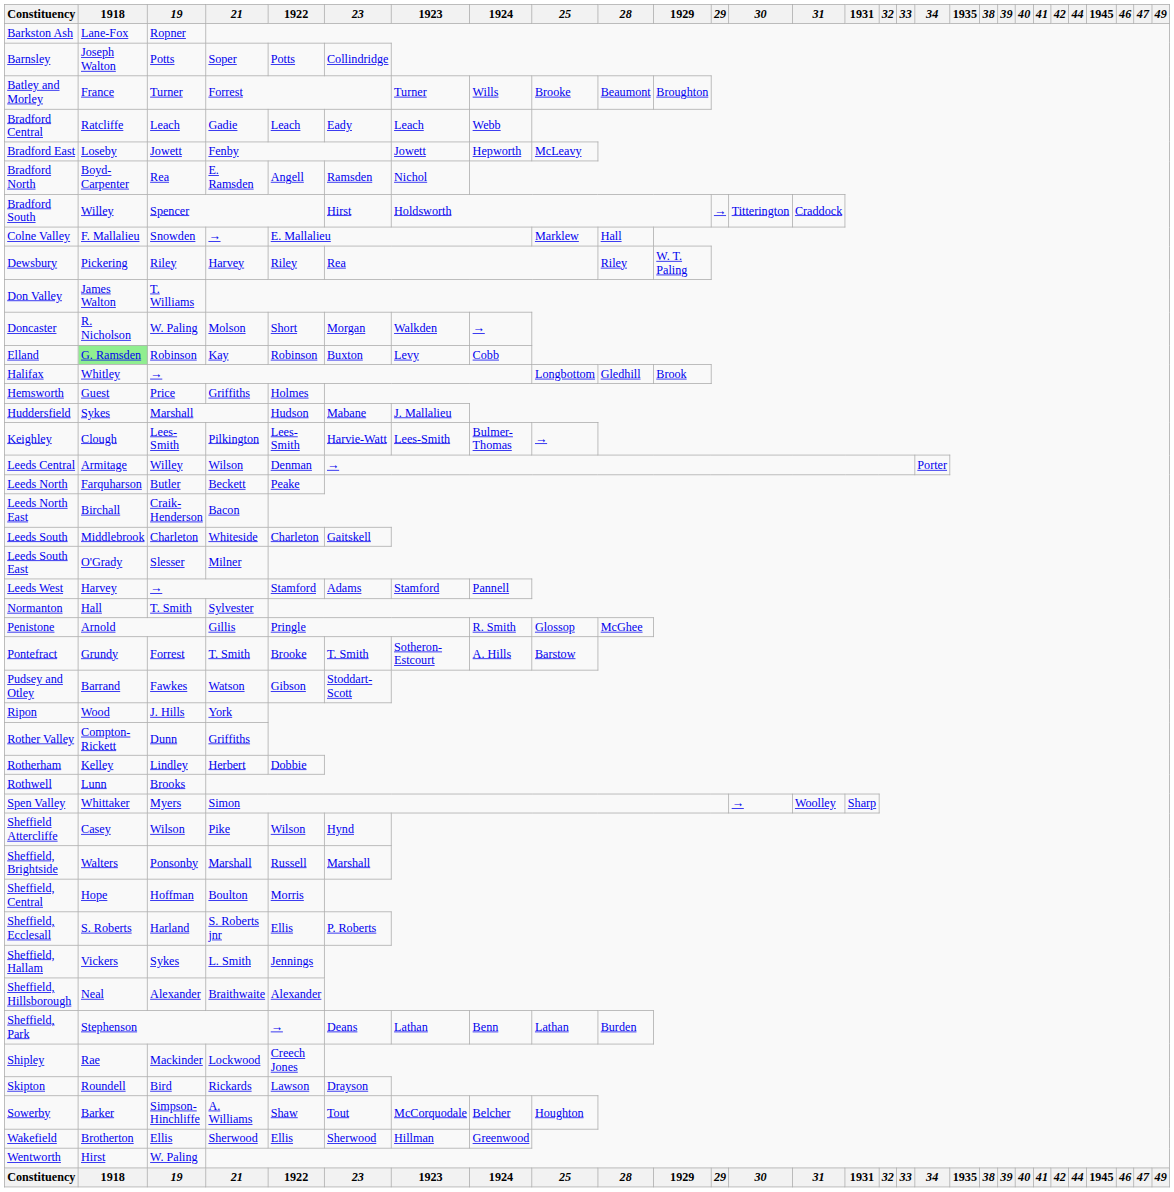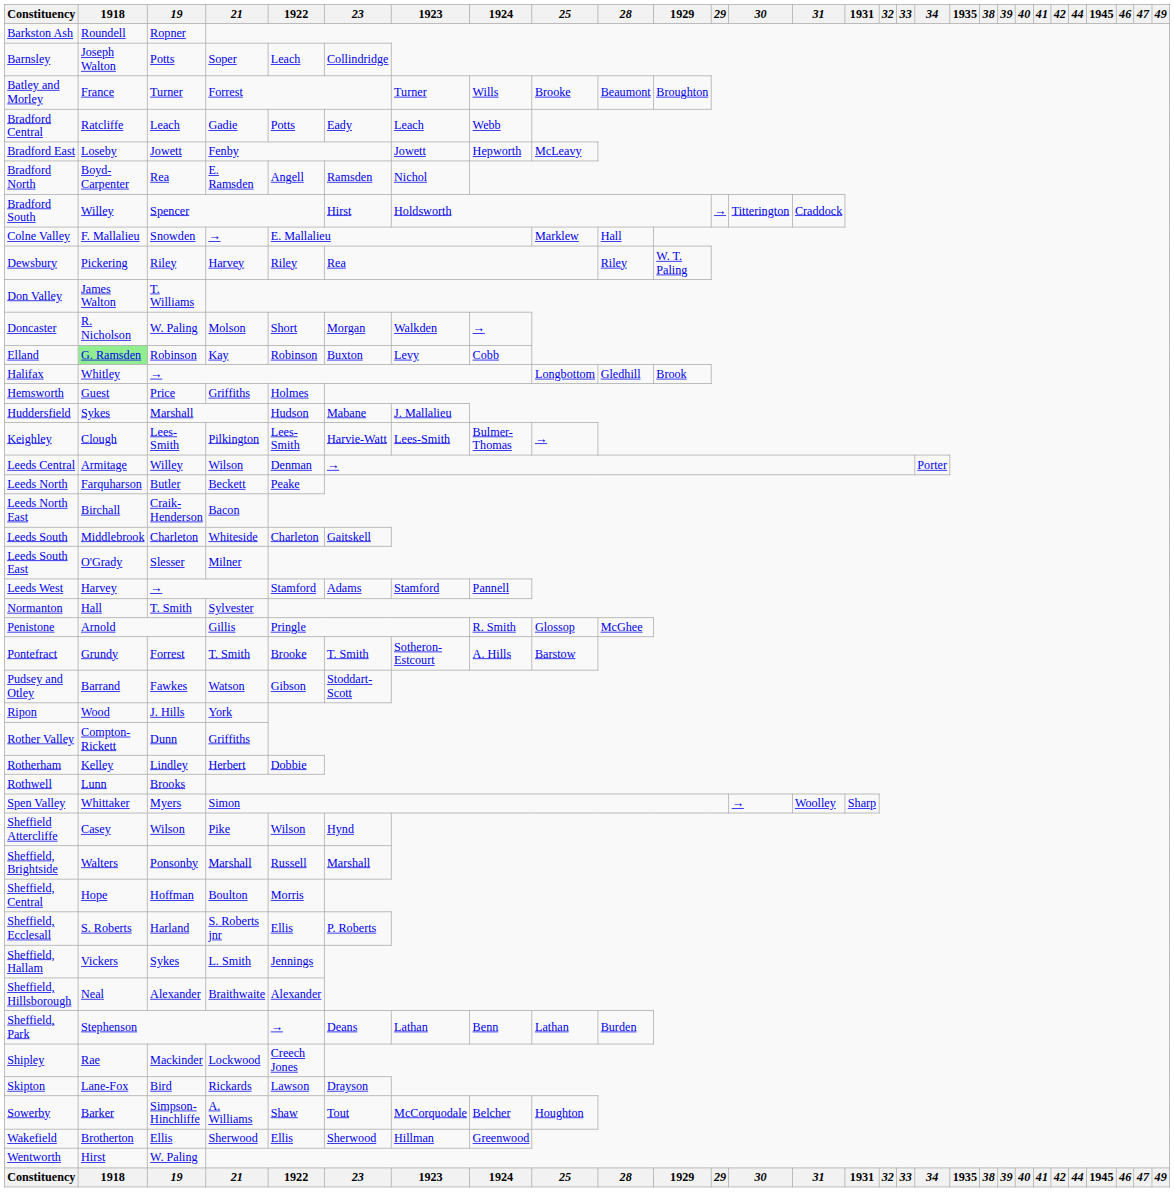 <table class="wikitable">
 <tr>
 <th>Constituency</th>
 <th>1918</th>
 <th><em>19</em></th>
 <th><em>21</em></th>
 <th>1922</th>
 <th><em>23</em></th>
 <th>1923</th>
 <th>1924</th>
 <th><em>25</em></th>
 <th><em>28</em></th>
 <th>1929</th>
 <th><em>29</em></th>
 <th><em>30</em></th>
 <th><em>31</em></th>
 <th>1931</th>
 <th><em>32</em></th>
 <th><em>33</em></th>
 <th><em>34</em></th>
 <th>1935</th>
 <th><em>38</em></th>
 <th><em>39</em></th>
 <th><em>40</em></th>
 <th><em>41</em></th>
 <th><em>42</em></th>
 <th><em>44</em></th>
 <th>1945</th>
 <th><em>46</em></th>
 <th><em>47</em></th>
 <th><em>49</em></th>
 </tr>
 <tr>
 <td><a href='#'>Barkston Ash</a></td>
-<td><a href='#'>Lane-Fox</a></td>
+<td><a href='#'>Roundell</a></td>
 <td><a href='#'>Ropner</a></td>
 </tr>
 <tr>
 <td><a href='#'>Barnsley</a></td>
 <td><a href='#'>Joseph Walton</a></td>
 <td><a href='#'>Potts</a></td>
 <td><a href='#'>Soper</a></td>
-<td><a href='#'>Potts</a></td>
+<td><a href='#'>Leach</a></td>
 <td><a href='#'>Collindridge</a></td>
 </tr>
 <tr>
 <td><a href='#'>Batley and Morley</a></td>
 <td><a href='#'>France</a></td>
 <td><a href='#'>Turner</a></td>
 <td colspan="3"><a href='#'>Forrest</a></td>
 <td><a href='#'>Turner</a></td>
 <td><a href='#'>Wills</a></td>
 <td><a href='#'>Brooke</a></td>
 <td><a href='#'>Beaumont</a></td>
 <td><a href='#'>Broughton</a></td>
 </tr>
 <tr>
 <td><a href='#'>Bradford Central</a></td>
 <td><a href='#'>Ratcliffe</a></td>
 <td><a href='#'>Leach</a></td>
 <td><a href='#'>Gadie</a></td>
-<td><a href='#'>Leach</a></td>
+<td><a href='#'>Potts</a></td>
 <td><a href='#'>Eady</a></td>
 <td><a href='#'>Leach</a></td>
 <td><a href='#'>Webb</a></td>
 </tr>
 <tr>
 <td><a href='#'>Bradford East</a></td>
 <td><a href='#'>Loseby</a></td>
 <td><a href='#'>Jowett</a></td>
 <td colspan="3"><a href='#'>Fenby</a></td>
 <td><a href='#'>Jowett</a></td>
 <td><a href='#'>Hepworth</a></td>
 <td><a href='#'>McLeavy</a></td>
 </tr>
 <tr>
 <td><a href='#'>Bradford North</a></td>
 <td><a href='#'>Boyd-Carpenter</a></td>
 <td><a href='#'>Rea</a></td>
 <td><a href='#'>E. Ramsden</a></td>
 <td><a href='#'>Angell</a></td>
 <td><a href='#'>Ramsden</a></td>
 <td><a href='#'>Nichol</a></td>
 </tr>
 <tr>
 <td><a href='#'>Bradford South</a></td>
 <td><a href='#'>Willey</a></td>
 <td colspan="3"><a href='#'>Spencer</a></td>
 <td><a href='#'>Hirst</a></td>
 <td colspan="5"><a href='#'>Holdsworth</a></td>
 <td><a href='#'>→</a></td>
 <td><a href='#'>Titterington</a></td>
 <td><a href='#'>Craddock</a></td>
 </tr>
 <tr>
 <td><a href='#'>Colne Valley</a></td>
 <td><a href='#'>F. Mallalieu</a></td>
 <td><a href='#'>Snowden</a></td>
 <td><a href='#'>→</a></td>
 <td colspan="4"><a href='#'>E. Mallalieu</a></td>
 <td><a href='#'>Marklew</a></td>
 <td><a href='#'>Hall</a></td>
 </tr>
 <tr>
 <td><a href='#'>Dewsbury</a></td>
 <td><a href='#'>Pickering</a></td>
 <td><a href='#'>Riley</a></td>
 <td><a href='#'>Harvey</a></td>
 <td><a href='#'>Riley</a></td>
 <td colspan="4"><a href='#'>Rea</a></td>
 <td><a href='#'>Riley</a></td>
 <td><a href='#'>W. T. Paling</a></td>
 </tr>
 <tr>
 <td><a href='#'>Don Valley</a></td>
 <td><a href='#'>James Walton</a></td>
 <td><a href='#'>T. Williams</a></td>
 </tr>
 <tr>
 <td><a href='#'>Doncaster</a></td>
 <td><a href='#'>R. Nicholson</a></td>
 <td><a href='#'>W. Paling</a></td>
 <td><a href='#'>Molson</a></td>
 <td><a href='#'>Short</a></td>
 <td><a href='#'>Morgan</a></td>
 <td><a href='#'>Walkden</a></td>
 <td><a href='#'>→</a></td>
 </tr>
 <tr>
 <td><a href='#'>Elland</a></td>
 <td style="background: lightgreen;"><a href='#'>G. Ramsden</a></td>
 <td><a href='#'>Robinson</a></td>
 <td><a href='#'>Kay</a></td>
 <td><a href='#'>Robinson</a></td>
 <td><a href='#'>Buxton</a></td>
 <td><a href='#'>Levy</a></td>
 <td><a href='#'>Cobb</a></td>
 </tr>
 <tr>
 <td><a href='#'>Halifax</a></td>
 <td><a href='#'>Whitley</a></td>
 <td colspan="6"><a href='#'>→</a></td>
 <td><a href='#'>Longbottom</a></td>
 <td><a href='#'>Gledhill</a></td>
 <td><a href='#'>Brook</a></td>
 </tr>
 <tr>
 <td><a href='#'>Hemsworth</a></td>
 <td><a href='#'>Guest</a></td>
 <td><a href='#'>Price</a></td>
 <td><a href='#'>Griffiths</a></td>
 <td><a href='#'>Holmes</a></td>
 </tr>
 <tr>
 <td><a href='#'>Huddersfield</a></td>
 <td><a href='#'>Sykes</a></td>
 <td colspan="2"><a href='#'>Marshall</a></td>
 <td><a href='#'>Hudson</a></td>
 <td><a href='#'>Mabane</a></td>
 <td><a href='#'>J. Mallalieu</a></td>
 </tr>
 <tr>
 <td><a href='#'>Keighley</a></td>
 <td><a href='#'>Clough</a></td>
 <td><a href='#'>Lees-Smith</a></td>
 <td><a href='#'>Pilkington</a></td>
 <td><a href='#'>Lees-Smith</a></td>
 <td><a href='#'>Harvie-Watt</a></td>
 <td><a href='#'>Lees-Smith</a></td>
 <td><a href='#'>Bulmer-Thomas</a></td>
 <td><a href='#'>→</a></td>
 </tr>
 <tr>
 <td><a href='#'>Leeds Central</a></td>
 <td><a href='#'>Armitage</a></td>
 <td><a href='#'>Willey</a></td>
 <td><a href='#'>Wilson</a></td>
 <td><a href='#'>Denman</a></td>
 <td colspan="12"><a href='#'>→</a></td>
 <td><a href='#'>Porter</a></td>
 </tr>
 <tr>
 <td><a href='#'>Leeds North</a></td>
 <td><a href='#'>Farquharson</a></td>
 <td><a href='#'>Butler</a></td>
 <td><a href='#'>Beckett</a></td>
 <td><a href='#'>Peake</a></td>
 </tr>
 <tr>
 <td><a href='#'>Leeds North East</a></td>
 <td><a href='#'>Birchall</a></td>
 <td><a href='#'>Craik-Henderson</a></td>
 <td><a href='#'>Bacon</a></td>
 </tr>
 <tr>
 <td><a href='#'>Leeds South</a></td>
 <td><a href='#'>Middlebrook</a></td>
 <td><a href='#'>Charleton</a></td>
 <td><a href='#'>Whiteside</a></td>
 <td><a href='#'>Charleton</a></td>
 <td><a href='#'>Gaitskell</a></td>
 </tr>
 <tr>
 <td><a href='#'>Leeds South East</a></td>
 <td><a href='#'>O'Grady</a></td>
 <td><a href='#'>Slesser</a></td>
 <td><a href='#'>Milner</a></td>
 </tr>
 <tr>
 <td><a href='#'>Leeds West</a></td>
 <td><a href='#'>Harvey</a></td>
 <td colspan="2"><a href='#'>→</a></td>
 <td><a href='#'>Stamford</a></td>
 <td><a href='#'>Adams</a></td>
 <td><a href='#'>Stamford</a></td>
 <td><a href='#'>Pannell</a></td>
 </tr>
 <tr>
 <td><a href='#'>Normanton</a></td>
 <td><a href='#'>Hall</a></td>
 <td><a href='#'>T. Smith</a></td>
 <td><a href='#'>Sylvester</a></td>
 </tr>
 <tr>
 <td><a href='#'>Penistone</a></td>
 <td colspan="2"><a href='#'>Arnold</a></td>
 <td><a href='#'>Gillis</a></td>
 <td colspan="3"><a href='#'>Pringle</a></td>
 <td><a href='#'>R. Smith</a></td>
 <td><a href='#'>Glossop</a></td>
 <td><a href='#'>McGhee</a></td>
 </tr>
 <tr>
 <td><a href='#'>Pontefract</a></td>
 <td><a href='#'>Grundy</a></td>
 <td><a href='#'>Forrest</a></td>
 <td><a href='#'>T. Smith</a></td>
 <td><a href='#'>Brooke</a></td>
 <td><a href='#'>T. Smith</a></td>
 <td><a href='#'>Sotheron-Estcourt</a></td>
 <td><a href='#'>A. Hills</a></td>
 <td><a href='#'>Barstow</a></td>
 </tr>
 <tr>
 <td><a href='#'>Pudsey and Otley</a></td>
 <td><a href='#'>Barrand</a></td>
 <td><a href='#'>Fawkes</a></td>
 <td><a href='#'>Watson</a></td>
 <td><a href='#'>Gibson</a></td>
 <td><a href='#'>Stoddart-Scott</a></td>
 </tr>
 <tr>
 <td><a href='#'>Ripon</a></td>
 <td><a href='#'>Wood</a></td>
 <td><a href='#'>J. Hills</a></td>
 <td><a href='#'>York</a></td>
 </tr>
 <tr>
 <td><a href='#'>Rother Valley</a></td>
 <td><a href='#'>Compton-Rickett</a></td>
 <td><a href='#'>Dunn</a></td>
 <td><a href='#'>Griffiths</a></td>
 </tr>
 <tr>
 <td><a href='#'>Rotherham</a></td>
 <td><a href='#'>Kelley</a></td>
 <td><a href='#'>Lindley</a></td>
 <td><a href='#'>Herbert</a></td>
 <td><a href='#'>Dobbie</a></td>
 </tr>
 <tr>
 <td><a href='#'>Rothwell</a></td>
 <td><a href='#'>Lunn</a></td>
 <td><a href='#'>Brooks</a></td>
 </tr>
 <tr>
 <td><a href='#'>Spen Valley</a></td>
 <td><a href='#'>Whittaker</a></td>
 <td><a href='#'>Myers</a></td>
 <td colspan="9"><a href='#'>Simon</a></td>
 <td><a href='#'>→</a></td>
 <td><a href='#'>Woolley</a></td>
 <td><a href='#'>Sharp</a></td>
 </tr>
 <tr>
 <td><a href='#'>Sheffield Attercliffe</a></td>
 <td><a href='#'>Casey</a></td>
 <td><a href='#'>Wilson</a></td>
 <td><a href='#'>Pike</a></td>
 <td><a href='#'>Wilson</a></td>
 <td><a href='#'>Hynd</a></td>
 </tr>
 <tr>
 <td><a href='#'>Sheffield, Brightside</a></td>
 <td><a href='#'>Walters</a></td>
 <td><a href='#'>Ponsonby</a></td>
 <td><a href='#'>Marshall</a></td>
 <td><a href='#'>Russell</a></td>
 <td><a href='#'>Marshall</a></td>
 </tr>
 <tr>
 <td><a href='#'>Sheffield, Central</a></td>
 <td><a href='#'>Hope</a></td>
 <td><a href='#'>Hoffman</a></td>
 <td><a href='#'>Boulton</a></td>
 <td><a href='#'>Morris</a></td>
 </tr>
 <tr>
 <td><a href='#'>Sheffield, Ecclesall</a></td>
 <td><a href='#'>S. Roberts</a></td>
 <td><a href='#'>Harland</a></td>
 <td><a href='#'>S. Roberts jnr</a></td>
 <td><a href='#'>Ellis</a></td>
 <td><a href='#'>P. Roberts</a></td>
 </tr>
 <tr>
 <td><a href='#'>Sheffield, Hallam</a></td>
 <td><a href='#'>Vickers</a></td>
 <td><a href='#'>Sykes</a></td>
 <td><a href='#'>L. Smith</a></td>
 <td><a href='#'>Jennings</a></td>
 </tr>
 <tr>
 <td><a href='#'>Sheffield, Hillsborough</a></td>
 <td><a href='#'>Neal</a></td>
 <td><a href='#'>Alexander</a></td>
 <td><a href='#'>Braithwaite</a></td>
 <td><a href='#'>Alexander</a></td>
 </tr>
 <tr>
 <td><a href='#'>Sheffield, Park</a></td>
 <td colspan="3"><a href='#'>Stephenson</a></td>
 <td><a href='#'>→</a></td>
 <td><a href='#'>Deans</a></td>
 <td><a href='#'>Lathan</a></td>
 <td><a href='#'>Benn</a></td>
 <td><a href='#'>Lathan</a></td>
 <td><a href='#'>Burden</a></td>
 </tr>
 <tr>
 <td><a href='#'>Shipley</a></td>
 <td><a href='#'>Rae</a></td>
 <td><a href='#'>Mackinder</a></td>
 <td><a href='#'>Lockwood</a></td>
 <td><a href='#'>Creech Jones</a></td>
 </tr>
 <tr>
 <td><a href='#'>Skipton</a></td>
-<td><a href='#'>Roundell</a></td>
+<td><a href='#'>Lane-Fox</a></td>
 <td><a href='#'>Bird</a></td>
 <td><a href='#'>Rickards</a></td>
 <td><a href='#'>Lawson</a></td>
 <td><a href='#'>Drayson</a></td>
 </tr>
 <tr>
 <td><a href='#'>Sowerby</a></td>
 <td><a href='#'>Barker</a></td>
 <td><a href='#'>Simpson-Hinchliffe</a></td>
 <td><a href='#'>A. Williams</a></td>
 <td><a href='#'>Shaw</a></td>
 <td><a href='#'>Tout</a></td>
 <td><a href='#'>McCorquodale</a></td>
 <td><a href='#'>Belcher</a></td>
 <td><a href='#'>Houghton</a></td>
 </tr>
 <tr>
 <td><a href='#'>Wakefield</a></td>
 <td><a href='#'>Brotherton</a></td>
 <td><a href='#'>Ellis</a></td>
 <td><a href='#'>Sherwood</a></td>
 <td><a href='#'>Ellis</a></td>
 <td><a href='#'>Sherwood</a></td>
 <td><a href='#'>Hillman</a></td>
 <td><a href='#'>Greenwood</a></td>
 </tr>
 <tr>
 <td><a href='#'>Wentworth</a></td>
 <td><a href='#'>Hirst</a></td>
 <td><a href='#'>W. Paling</a></td>
 </tr>
 <tr>
 <th>Constituency</th>
 <th>1918</th>
 <th><em>19</em></th>
 <th><em>21</em></th>
 <th>1922</th>
 <th><em>23</em></th>
 <th>1923</th>
 <th>1924</th>
 <th><em>25</em></th>
 <th><em>28</em></th>
 <th>1929</th>
 <th><em>29</em></th>
 <th><em>30</em></th>
 <th><em>31</em></th>
 <th>1931</th>
 <th><em>32</em></th>
 <th><em>33</em></th>
 <th><em>34</em></th>
 <th>1935</th>
 <th><em>38</em></th>
 <th><em>39</em></th>
 <th><em>40</em></th>
 <th><em>41</em></th>
 <th><em>42</em></th>
 <th><em>44</em></th>
 <th>1945</th>
 <th><em>46</em></th>
 <th><em>47</em></th>
 <th><em>49</em></th>
 </tr>
 </table>
